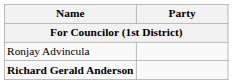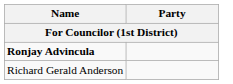 <table class="wikitable" style="font-size:90%">
 <tr>
 <th !width=150px>Name</th>
 <th colspan=2 width=110px>Party</th>
 </tr>
 <tr>
 <th colspan="3">For Councilor (1st District)</th>
 </tr>
 <tr>
-<td>Ronjay Advincula</td>
+<td><strong>Ronjay Advincula</strong></td>
 <td></td>
 </tr>
 <tr>
-<td><strong>Richard Gerald Anderson</strong></td>
+<td>Richard Gerald Anderson</td>
 <td></td>
 </tr>
 </table>
